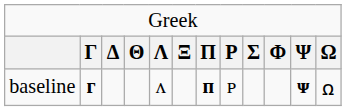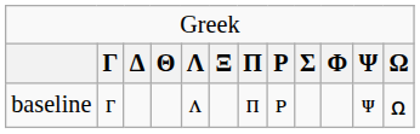 <table class=wikitable style=text-align:center>
 <tr>
 <td colspan="12">Greek</td>
 </tr>
 <tr>
 <th></th>
 <th>Γ</th>
 <th>Δ</th>
 <th>Θ</th>
 <th>Λ</th>
 <th>Ξ</th>
 <th>Π</th>
 <th>Ρ</th>
 <th>Σ</th>
 <th>Φ</th>
 <th>Ψ</th>
 <th>Ω</th>
 </tr>
 <tr>
 <td>baseline</td>
-<td><strong>ᴦ</strong></td>
+<td>ᴦ</td>
 <td></td>
 <td></td>
 <td>ᴧ</td>
 <td></td>
-<td><strong>ᴨ</strong></td>
+<td>ᴨ</td>
 <td>ᴩ</td>
 <td></td>
 <td></td>
-<td><strong>ᴪ</strong></td>
+<td>ᴪ</td>
 <td>ꭥ</td>
 </tr>
 </table>
